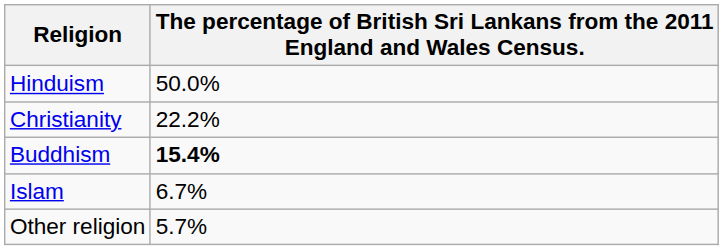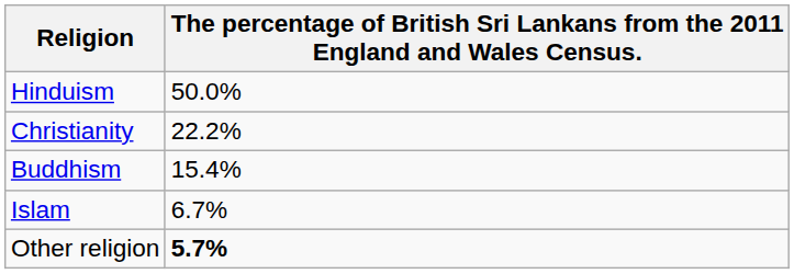 <table class="wikitable">
 <tr>
 <th>Religion</th>
 <th>The percentage of British Sri Lankans from the 2011 <br> England and Wales Census.</th>
 </tr>
 <tr>
 <td> <a href='#'>Hinduism</a></td>
 <td>50.0%</td>
 </tr>
 <tr>
 <td> <a href='#'>Christianity</a></td>
 <td>22.2%</td>
 </tr>
 <tr>
 <td> <a href='#'>Buddhism</a></td>
-<td><strong>15.4%</strong></td>
+<td>15.4%</td>
 </tr>
 <tr>
 <td> <a href='#'>Islam</a></td>
 <td>6.7%</td>
 </tr>
 <tr>
 <td>Other religion</td>
-<td>5.7%</td>
+<td><strong>5.7%</strong></td>
 </tr>
 </table>
